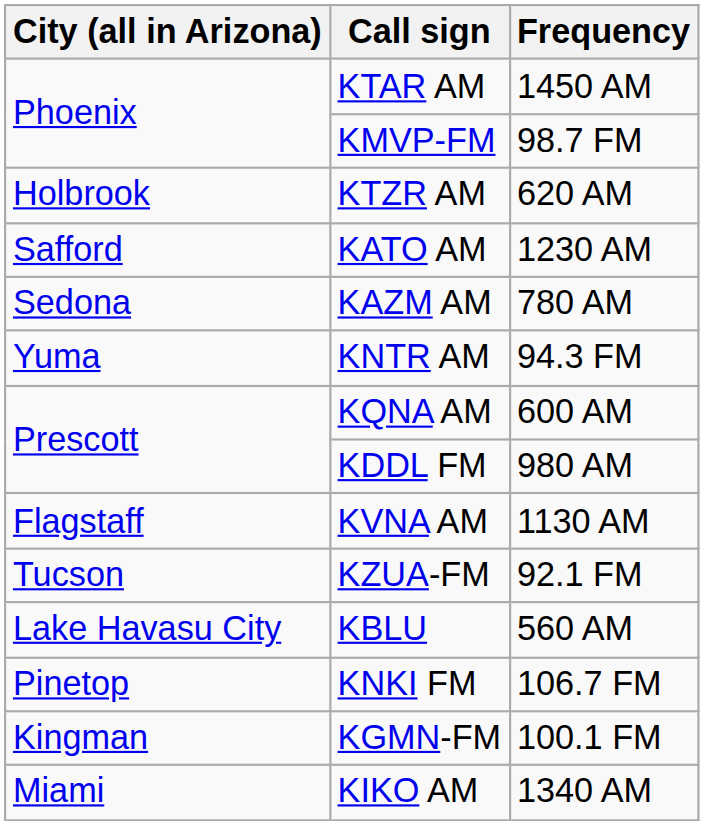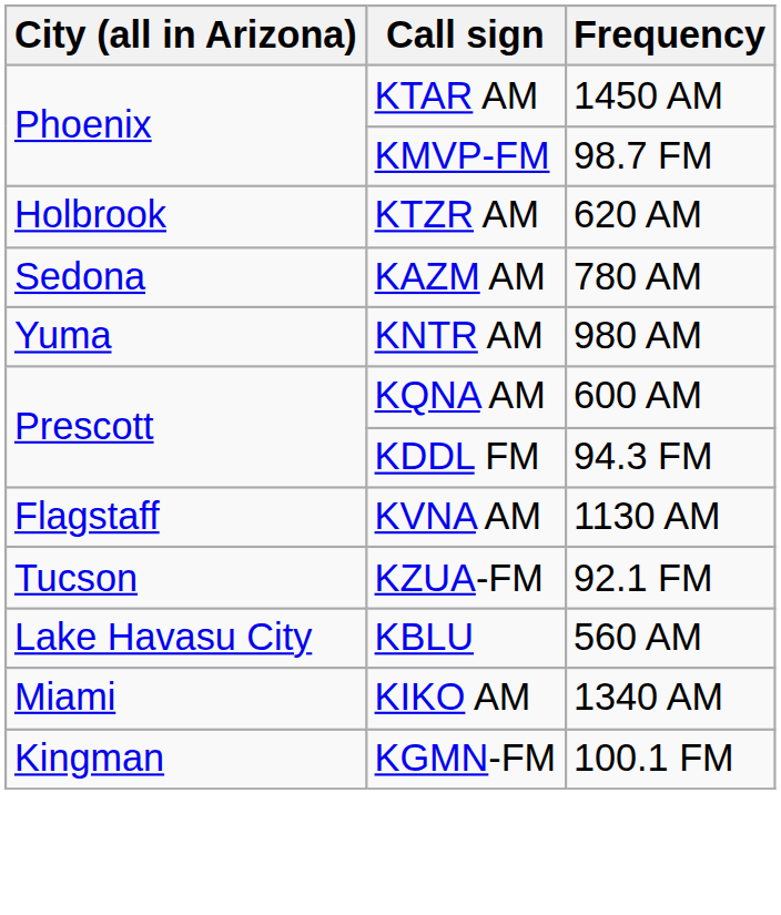 <table class="wikitable">
 <tr>
 <th>City (all in Arizona)</th>
 <th>Call sign</th>
 <th>Frequency</th>
 </tr>
 <tr>
 <td rowspan=2><a href='#'>Phoenix</a></td>
 <td><a href='#'>KTAR</a> AM</td>
 <td>1450 AM</td>
 </tr>
 <tr>
 <td><a href='#'>KMVP-FM</a></td>
 <td>98.7 FM</td>
 </tr>
 <tr>
 <td><a href='#'>Holbrook</a></td>
 <td><a href='#'>KTZR</a> AM</td>
 <td>620 AM</td>
 </tr>
 <tr>
-<td><a href='#'>Safford</a></td>
-<td><a href='#'>KATO</a> AM</td>
-<td>1230 AM</td>
-</tr>
-<tr>
 <td><a href='#'>Sedona</a></td>
 <td><a href='#'>KAZM</a> AM</td>
 <td>780 AM</td>
 </tr>
 <tr>
 <td><a href='#'>Yuma</a></td>
 <td><a href='#'>KNTR</a> AM</td>
-<td>94.3 FM</td>
+<td>980 AM</td>
 </tr>
 <tr>
 <td rowspan=2><a href='#'>Prescott</a></td>
 <td><a href='#'>KQNA</a> AM</td>
 <td>600 AM</td>
 </tr>
 <tr>
 <td><a href='#'>KDDL</a> FM</td>
-<td>980 AM</td>
+<td>94.3 FM</td>
 </tr>
 <tr>
 <td><a href='#'>Flagstaff</a></td>
 <td><a href='#'>KVNA</a> AM</td>
 <td>1130 AM</td>
 </tr>
 <tr>
 <td><a href='#'>Tucson</a></td>
 <td><a href='#'>KZUA</a>-FM</td>
 <td>92.1 FM</td>
 </tr>
 <tr>
 <td><a href='#'>Lake Havasu City</a></td>
 <td><a href='#'>KBLU</a></td>
 <td>560 AM</td>
 </tr>
 <tr>
-<td><a href='#'>Pinetop</a></td>
-<td><a href='#'>KNKI</a> FM</td>
-<td>106.7 FM</td>
+<td><a href='#'>Miami</a></td>
+<td><a href='#'>KIKO</a> AM</td>
+<td>1340 AM</td>
 </tr>
 <tr>
 <td><a href='#'>Kingman</a></td>
 <td><a href='#'>KGMN</a>-FM</td>
 <td>100.1 FM</td>
 </tr>
-<tr>
-<td><a href='#'>Miami</a></td>
-<td><a href='#'>KIKO</a> AM</td>
-<td>1340 AM</td>
-</tr>
 </table>
